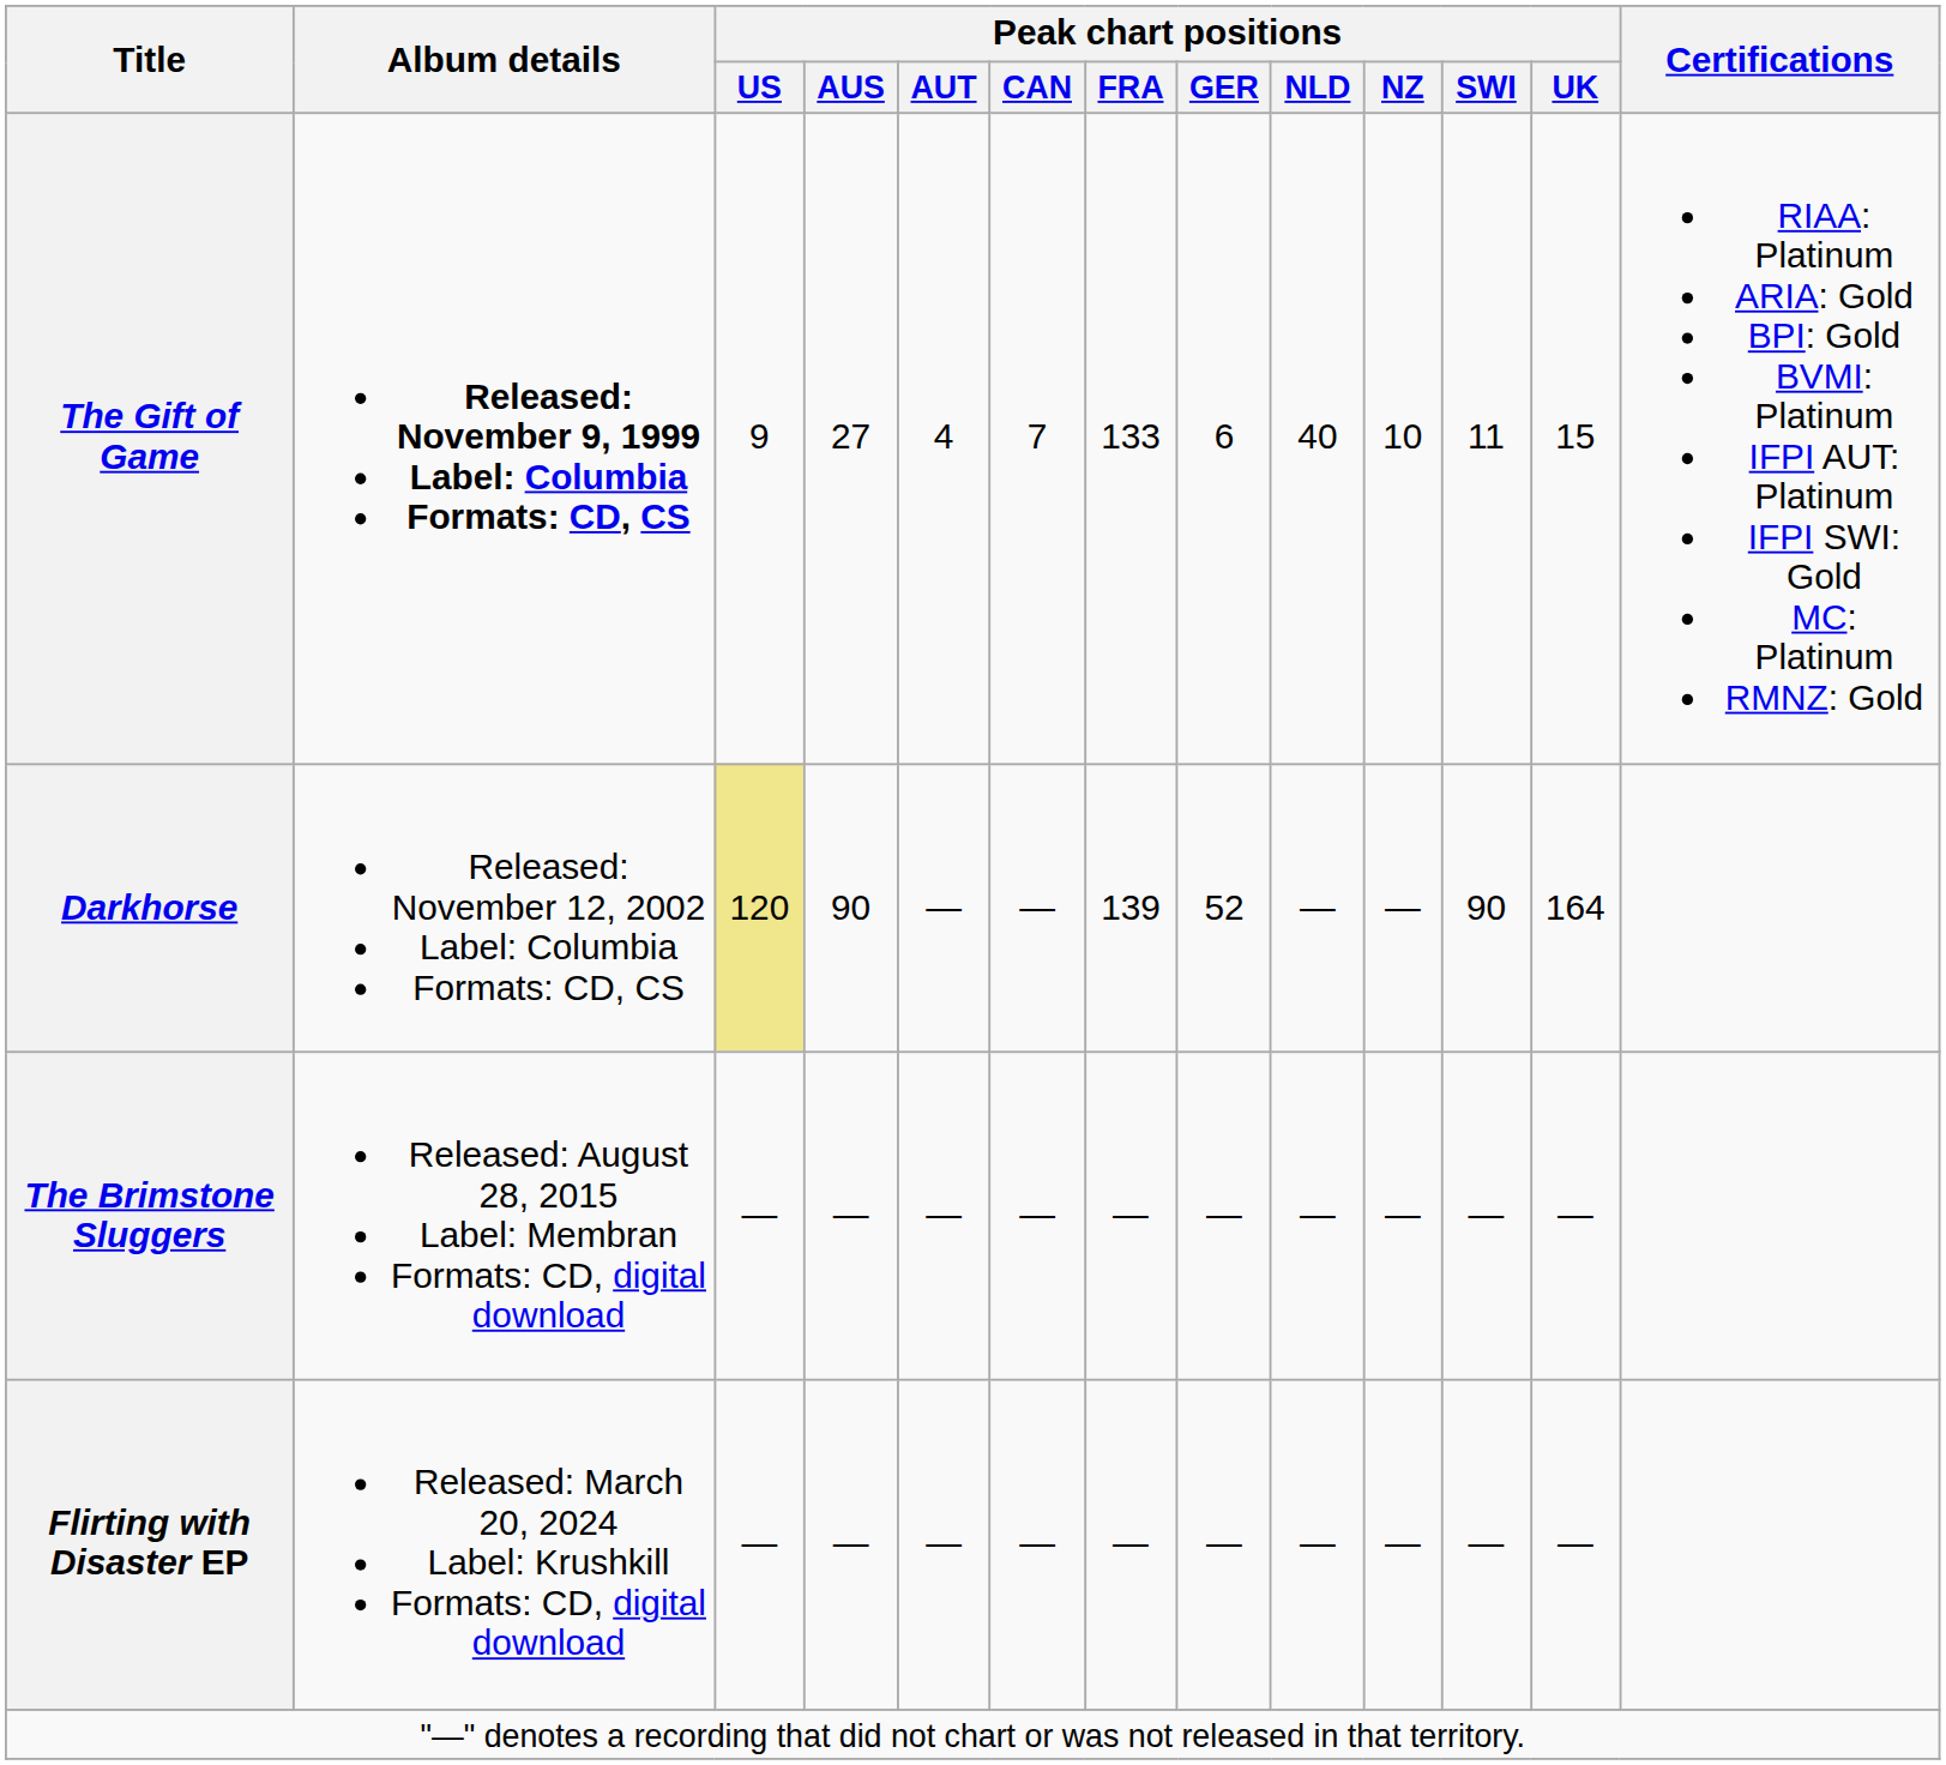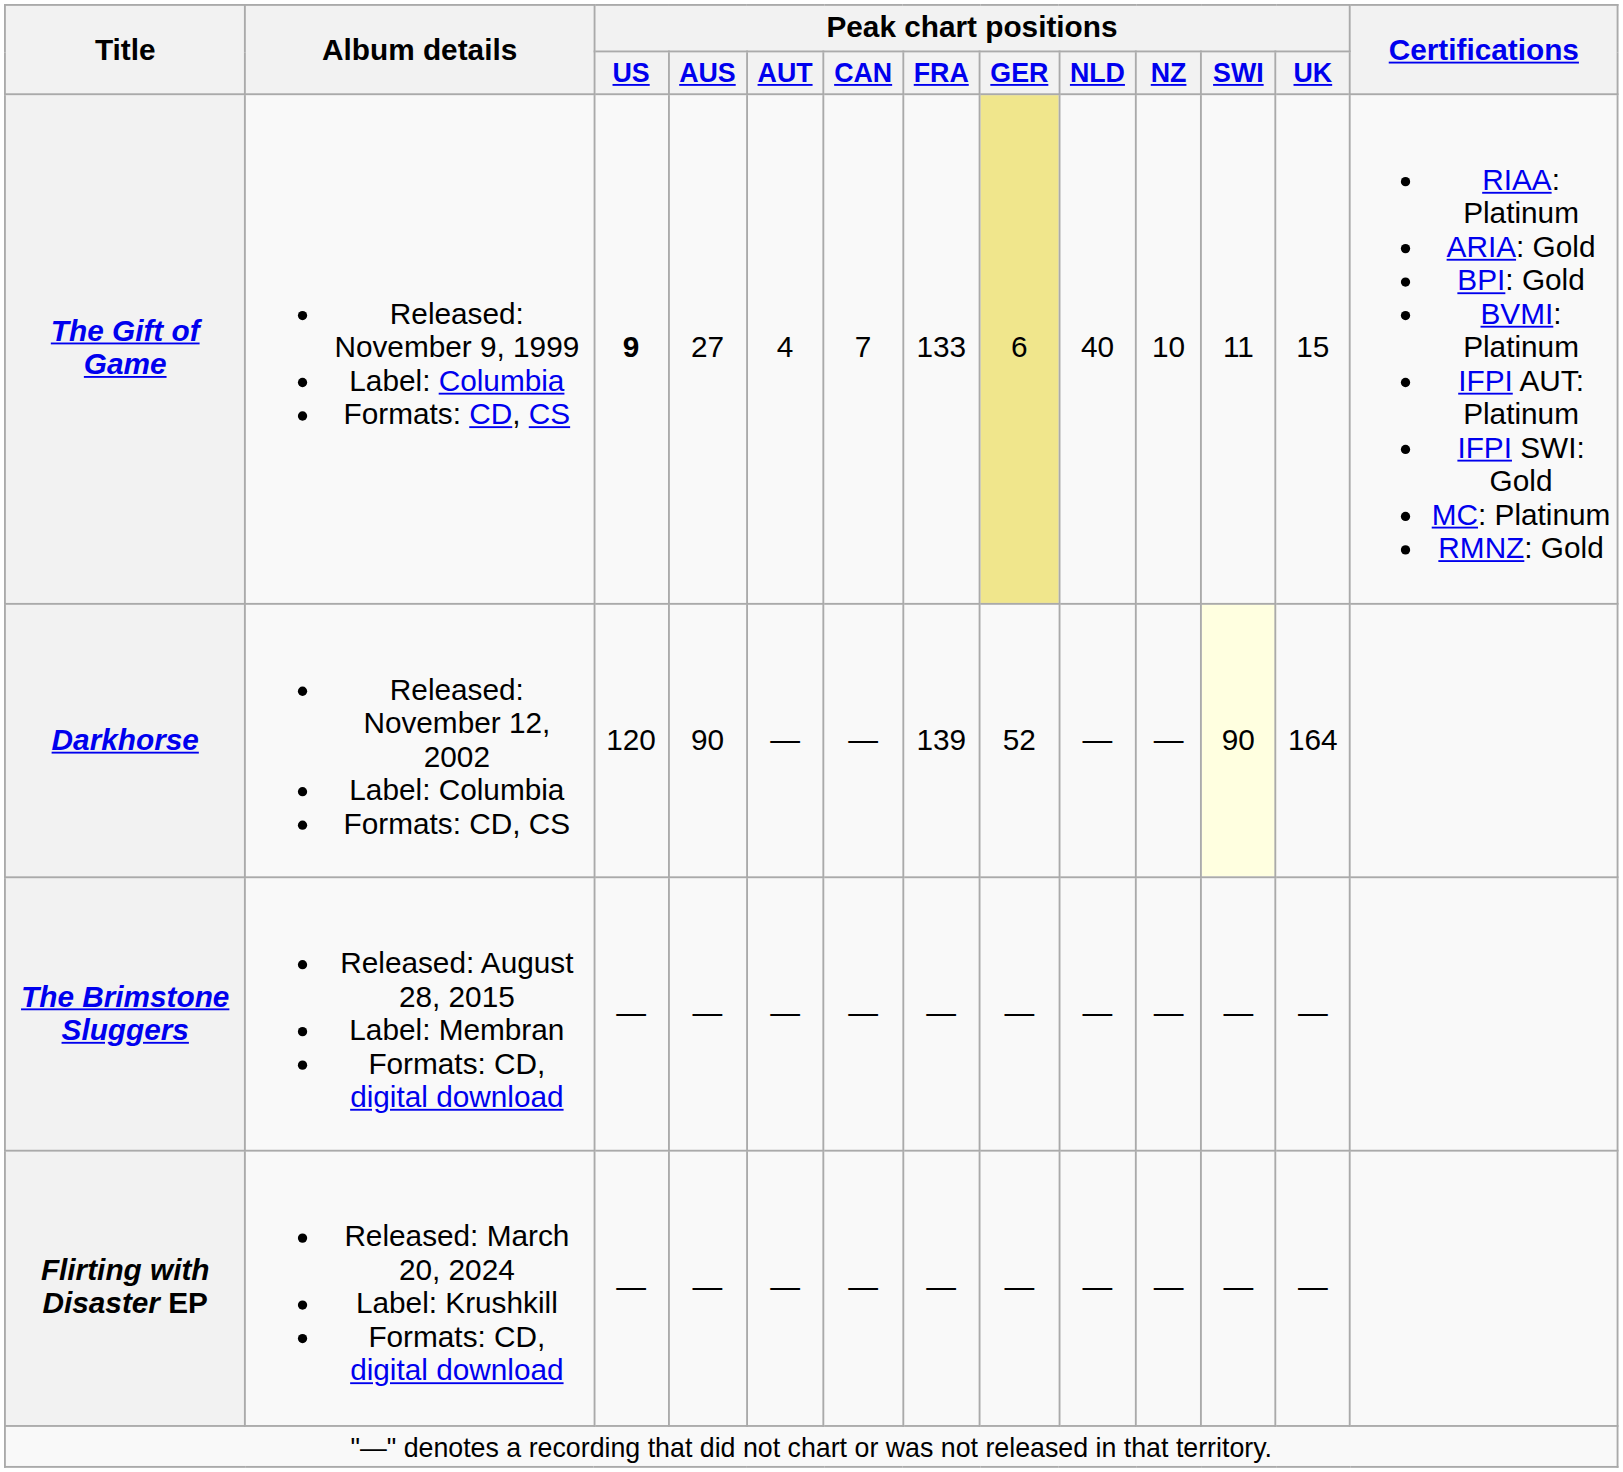 <table class="wikitable plainrowheaders" style="text-align:center;">
 <tr>
 <th scope="col" rowspan="2" style="width:12em;">Title</th>
 <th scope="col" rowspan="2" style="width:18em;">Album details</th>
 <th scope="col" colspan="10">Peak chart positions</th>
 <th scope="col" rowspan="2" style="width:12em;"><a href='#'>Certifications</a></th>
 </tr>
 <tr>
 <th scope="col" style="width:3em;font-size:90%;"><a href='#'>US</a><br></th>
 <th scope="col" style="width:3em;font-size:90%;"><a href='#'>AUS</a><br></th>
 <th scope="col" style="width:3em;font-size:90%;"><a href='#'>AUT</a><br></th>
 <th scope="col" style="width:3em;font-size:90%;"><a href='#'>CAN</a><br></th>
 <th scope="col" style="width:3em;font-size:90%;"><a href='#'>FRA</a><br></th>
 <th scope="col" style="width:3em;font-size:90%;"><a href='#'>GER</a><br></th>
 <th scope="col" style="width:3em;font-size:90%;"><a href='#'>NLD</a><br></th>
 <th scope="col" style="width:3em;font-size:90%;"><a href='#'>NZ</a><br></th>
 <th scope="col" style="width:3em;font-size:90%;"><a href='#'>SWI</a><br></th>
 <th scope="col" style="width:3em;font-size:90%;"><a href='#'>UK</a><br></th>
 </tr>
 <tr>
 <th scope="row"><em><a href='#'>The Gift of Game</a></em></th>
-<td><strong><br><ul><li>Released: November 9, 1999</li><li>Label: <a href='#'>Columbia</a></li><li>Formats: <a href='#'>CD</a>, <a href='#'>CS</a></li></ul></strong></td>
-<td>9</td>
+<td><br><ul><li>Released: November 9, 1999</li><li>Label: <a href='#'>Columbia</a></li><li>Formats: <a href='#'>CD</a>, <a href='#'>CS</a></li></ul></td>
+<td><strong>9</strong></td>
 <td>27</td>
 <td>4</td>
 <td>7</td>
 <td>133</td>
-<td>6</td>
+<td style="background: khaki;">6</td>
 <td>40</td>
 <td>10</td>
 <td>11</td>
 <td>15</td>
 <td><br><ul><li><a href='#'>RIAA</a>: Platinum</li><li><a href='#'>ARIA</a>: Gold</li><li><a href='#'>BPI</a>: Gold</li><li><a href='#'>BVMI</a>: Platinum</li><li><a href='#'>IFPI</a> AUT: Platinum</li><li><a href='#'>IFPI</a> SWI: Gold</li><li><a href='#'>MC</a>: Platinum</li><li><a href='#'>RMNZ</a>: Gold</li></ul></td>
 </tr>
 <tr>
 <th scope="row"><em><a href='#'>Darkhorse</a></em></th>
 <td><br><ul><li>Released: November 12, 2002</li><li>Label: Columbia</li><li>Formats: CD, CS</li></ul></td>
-<td style="background: khaki;">120</td>
+<td>120</td>
 <td>90</td>
 <td>—</td>
 <td>—</td>
 <td>139</td>
 <td>52</td>
 <td>—</td>
 <td>—</td>
-<td>90</td>
+<td style="background: lightyellow;">90</td>
 <td>164</td>
 <td></td>
 </tr>
 <tr>
 <th scope="row"><em><a href='#'>The Brimstone Sluggers</a></em></th>
 <td><br><ul><li>Released: August 28, 2015</li><li>Label: Membran</li><li>Formats: CD, <a href='#'>digital download</a></li></ul></td>
 <td>—</td>
 <td>—</td>
 <td>—</td>
 <td>—</td>
 <td>—</td>
 <td>—</td>
 <td>—</td>
 <td>—</td>
 <td>—</td>
 <td>—</td>
 <td></td>
 </tr>
 <tr>
 <th scope="row"><em>Flirting with Disaster</em> EP</th>
 <td><br><ul><li>Released: March 20, 2024</li><li>Label: Krushkill</li><li>Formats: CD, <a href='#'>digital download</a></li></ul></td>
 <td>—</td>
 <td>—</td>
 <td>—</td>
 <td>—</td>
 <td>—</td>
 <td>—</td>
 <td>—</td>
 <td>—</td>
 <td>—</td>
 <td>—</td>
 </tr>
 <tr>
 <td colspan="15" style="font-size:90%">"—" denotes a recording that did not chart or was not released in that territory.</td>
 </tr>
 </table>
